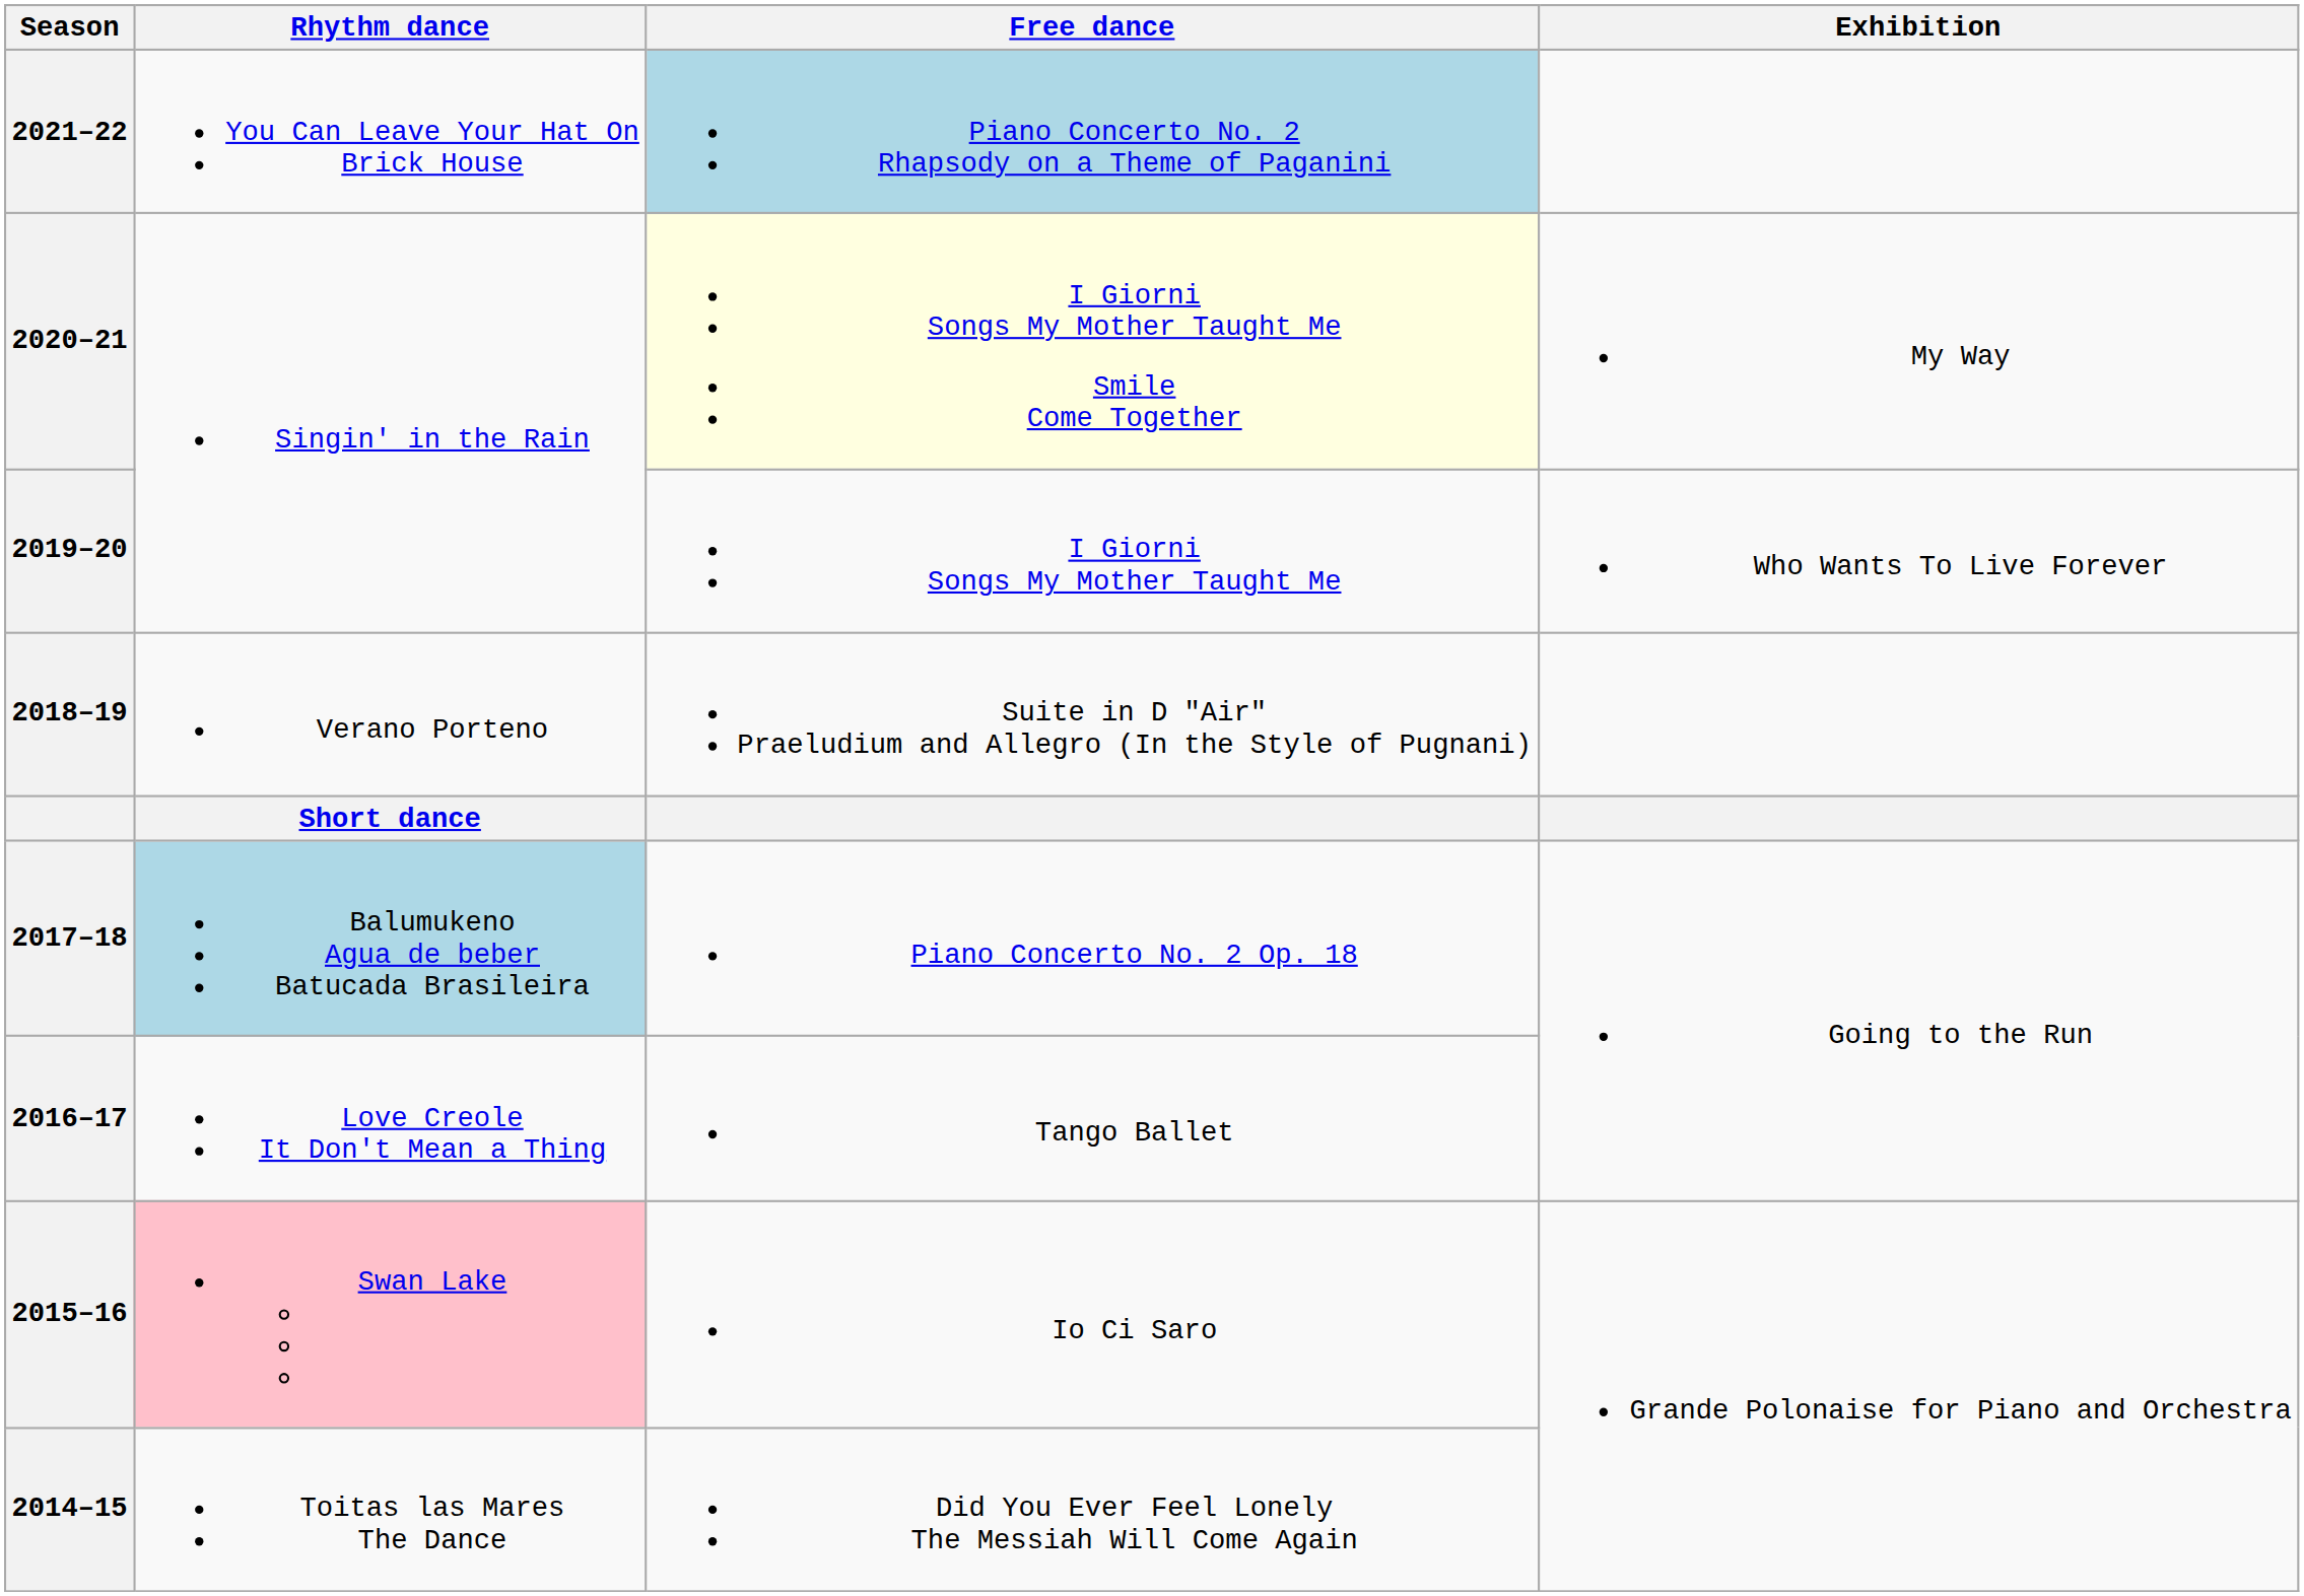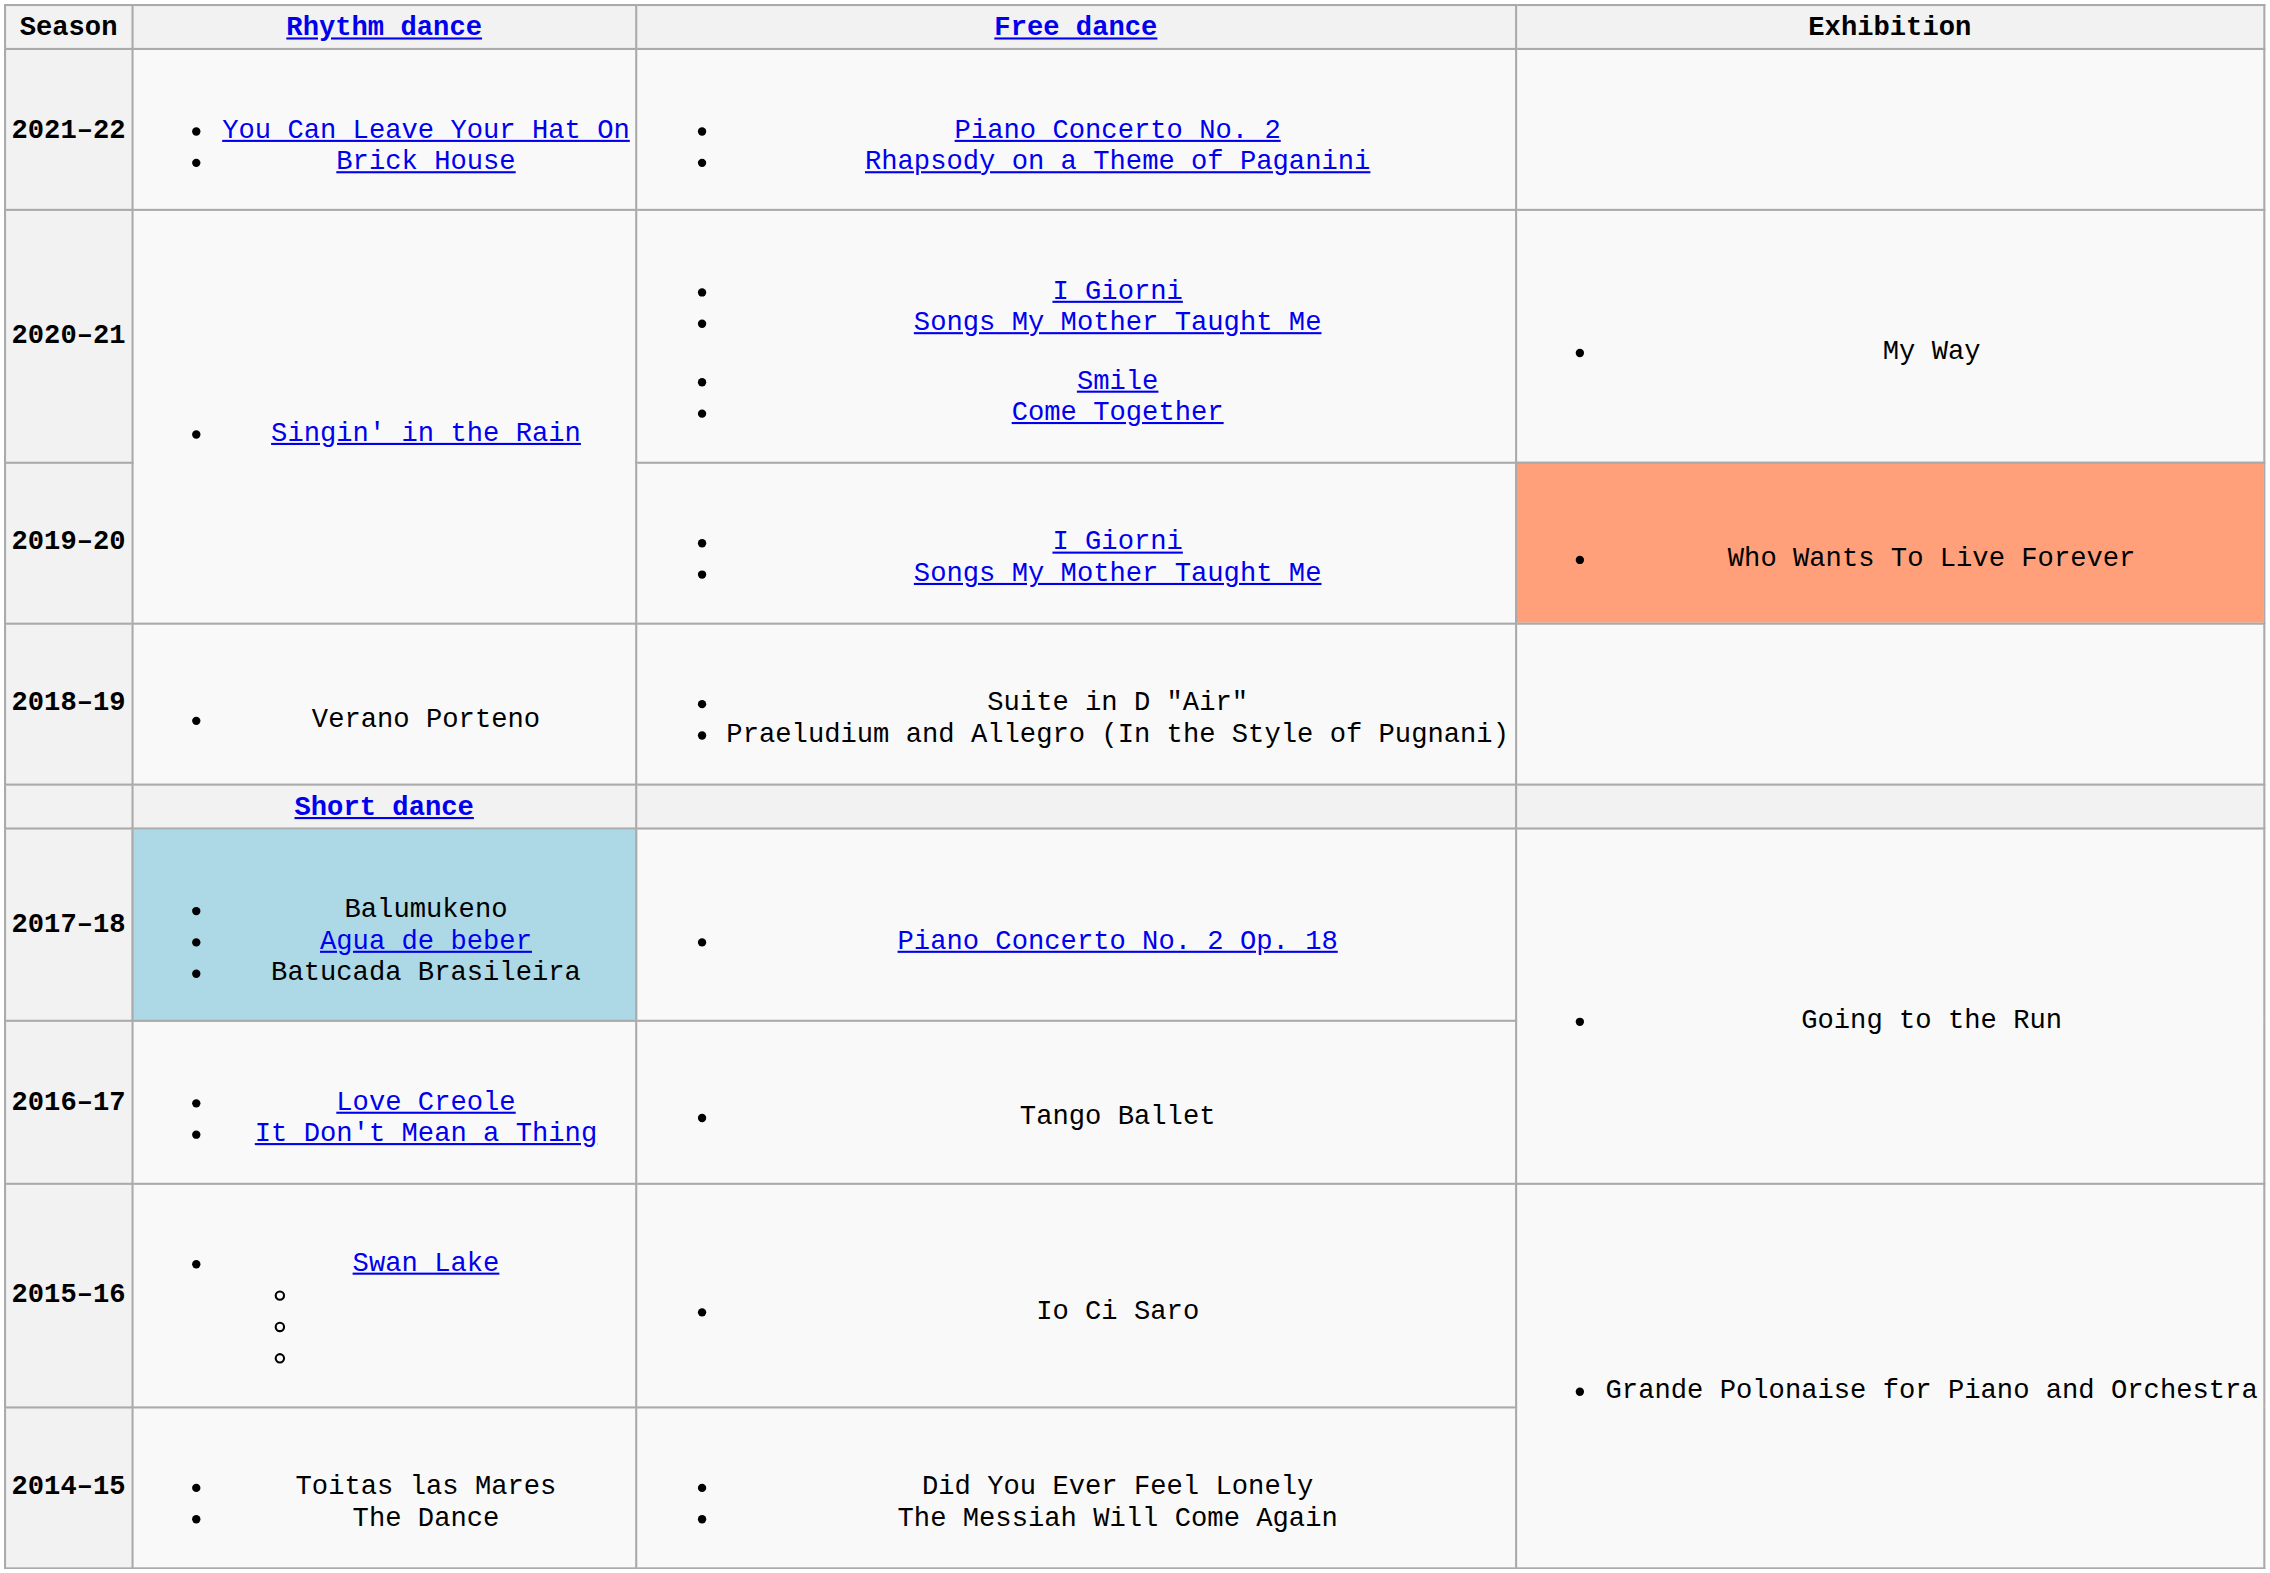 <table class="wikitable" style="text-align:center">
 <tr>
 <th>Season</th>
 <th><a href='#'>Rhythm dance</a></th>
 <th><a href='#'>Free dance</a></th>
 <th>Exhibition</th>
 </tr>
 <tr>
 <th>2021–22 <br> </th>
 <td><br><ul><li><a href='#'>You Can Leave Your Hat On</a> <br> </li><li><a href='#'>Brick House</a> <br> </li></ul></td>
-<td style="background: lightblue;"><br><ul><li><a href='#'>Piano Concerto No. 2</a></li><li><a href='#'>Rhapsody on a Theme of Paganini</a> <br> </li></ul></td>
+<td><br><ul><li><a href='#'>Piano Concerto No. 2</a></li><li><a href='#'>Rhapsody on a Theme of Paganini</a> <br> </li></ul></td>
 <td></td>
 </tr>
 <tr>
 <th>2020–21 <br> </th>
 <td rowspan=2><br><ul><li><a href='#'>Singin' in the Rain</a> <br> </li></ul></td>
-<td style="background: lightyellow;"><br><ul><li><a href='#'>I Giorni</a> <br> </li><li><a href='#'>Songs My Mother Taught Me</a> <br> </li></ul><ul><li><a href='#'>Smile</a></li><li><a href='#'>Come Together</a> <br> </li></ul></td>
+<td><br><ul><li><a href='#'>I Giorni</a> <br> </li><li><a href='#'>Songs My Mother Taught Me</a> <br> </li></ul><ul><li><a href='#'>Smile</a></li><li><a href='#'>Come Together</a> <br> </li></ul></td>
 <td><br><ul><li>My Way <br></li></ul></td>
 </tr>
 <tr>
 <th>2019–20 <br></th>
 <td><br><ul><li><a href='#'>I Giorni</a> <br> </li><li><a href='#'>Songs My Mother Taught Me</a> <br> </li></ul></td>
-<td><br><ul><li>Who Wants To Live Forever <br>  </li></ul></td>
+<td style="background: lightsalmon;"><br><ul><li>Who Wants To Live Forever <br>  </li></ul></td>
 </tr>
 <tr>
 <th>2018–19 <br></th>
 <td><br><ul><li> Verano Porteno <br> </li></ul></td>
 <td><br><ul><li>Suite in D "Air" <br> </li><li>Praeludium and Allegro (In the Style of Pugnani) <br> </li></ul></td>
 <td></td>
 </tr>
 <tr>
 <th></th>
 <th><a href='#'>Short dance</a></th>
 <th></th>
 <th></th>
 </tr>
 <tr>
 <th>2017–18 <br></th>
 <td style="background: lightblue;"><br><ul><li> Balumukeno <br> </li><li> <a href='#'>Agua de beber</a> <br> </li><li> Batucada Brasileira</li></ul></td>
 <td><br><ul><li><a href='#'>Piano Concerto No. 2 Op. 18</a> <br> </li></ul></td>
 <td rowspan=2><br><ul><li>Going to the Run <br></li></ul></td>
 </tr>
 <tr>
 <th>2016–17 <br></th>
 <td><br><ul><li> <a href='#'>Love Creole</a> <br></li><li> <a href='#'>It Don't Mean a Thing</a> <br></li></ul></td>
 <td><br><ul><li>Tango Ballet <br></li></ul></td>
 </tr>
 <tr>
 <th>2015–16 <br></th>
-<td style="background: pink;"><br><ul><li><a href='#'>Swan Lake</a> <br><ul><li></li><li></li><li></li></ul></li></ul></td>
+<td><br><ul><li><a href='#'>Swan Lake</a> <br><ul><li></li><li></li><li></li></ul></li></ul></td>
 <td><br><ul><li>Io Ci Saro <br></li></ul></td>
 <td rowspan=2><br><ul><li>Grande Polonaise for Piano and Orchestra <br></li></ul></td>
 </tr>
 <tr>
 <th>2014–15 <br></th>
 <td><br><ul><li> Toitas las Mares <br></li><li> The Dance <br></li></ul></td>
 <td><br><ul><li>Did You Ever Feel Lonely <br></li><li>The Messiah Will Come Again <br></li></ul></td>
 </tr>
 </table>
